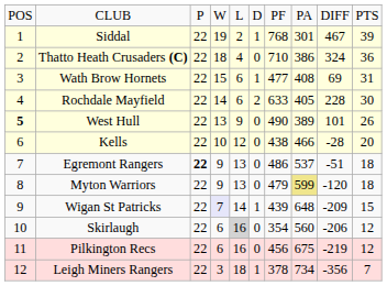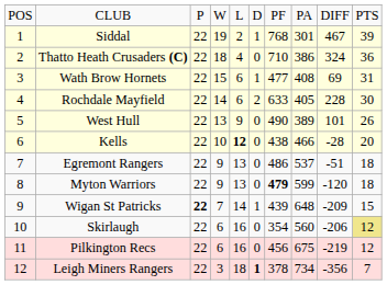 <table class="wikitable" style="text-align: center;">
 <tr>
 <td>POS</td>
 <td>CLUB</td>
 <td>P</td>
 <td>W</td>
 <td>L</td>
 <td>D</td>
 <td>PF</td>
 <td>PA</td>
 <td>DIFF</td>
 <td>PTS</td>
 </tr>
 <tr style="background:#ffffdd;">
 <td>1</td>
 <td>Siddal</td>
 <td>22</td>
 <td>19</td>
 <td>2</td>
 <td>1</td>
 <td>768</td>
 <td>301</td>
 <td>467</td>
 <td>39</td>
 </tr>
 <tr style="background:#ffffdd;">
 <td>2</td>
 <td>Thatto Heath Crusaders <strong>(C)</strong></td>
 <td>22</td>
 <td>18</td>
 <td>4</td>
 <td>0</td>
 <td>710</td>
 <td>386</td>
 <td>324</td>
 <td>36</td>
 </tr>
 <tr style="background:#ffffdd;">
 <td>3</td>
 <td>Wath Brow Hornets</td>
 <td>22</td>
 <td>15</td>
 <td>6</td>
 <td>1</td>
 <td>477</td>
 <td>408</td>
 <td>69</td>
 <td>31</td>
 </tr>
 <tr style="background:#ffffdd;">
 <td>4</td>
 <td>Rochdale Mayfield</td>
 <td>22</td>
 <td>14</td>
 <td>6</td>
 <td>2</td>
 <td>633</td>
 <td>405</td>
 <td>228</td>
 <td>30</td>
 </tr>
 <tr style="background:#ffffdd;">
-<td><strong>5</strong></td>
+<td>5</td>
 <td>West Hull</td>
 <td>22</td>
 <td>13</td>
 <td>9</td>
 <td>0</td>
 <td>490</td>
 <td>389</td>
 <td>101</td>
 <td>26</td>
 </tr>
 <tr style="background:#ffffdd;">
 <td>6</td>
 <td>Kells</td>
 <td>22</td>
 <td>10</td>
-<td>12</td>
+<td><strong>12</strong></td>
 <td>0</td>
 <td>438</td>
 <td>466</td>
 <td>-28</td>
 <td>20</td>
 </tr>
 <tr>
 <td>7</td>
 <td>Egremont Rangers</td>
-<td><strong>22</strong></td>
+<td>22</td>
 <td>9</td>
 <td>13</td>
 <td>0</td>
 <td>486</td>
 <td>537</td>
 <td>-51</td>
 <td>18</td>
 </tr>
 <tr>
 <td>8</td>
 <td>Myton Warriors</td>
 <td>22</td>
 <td>9</td>
 <td>13</td>
 <td>0</td>
-<td>479</td>
-<td style="background: khaki;">599</td>
+<td><strong>479</strong></td>
+<td>599</td>
 <td>-120</td>
 <td>18</td>
 </tr>
 <tr>
 <td>9</td>
 <td>Wigan St Patricks</td>
-<td>22</td>
-<td style="background: lavender;">7</td>
+<td><strong>22</strong></td>
+<td>7</td>
 <td>14</td>
 <td>1</td>
 <td>439</td>
 <td>648</td>
 <td>-209</td>
 <td>15</td>
 </tr>
 <tr>
 <td>10</td>
 <td>Skirlaugh</td>
 <td>22</td>
 <td>6</td>
-<td style="background: lightgrey;">16</td>
+<td>16</td>
 <td>0</td>
 <td>354</td>
 <td>560</td>
 <td>-206</td>
-<td>12</td>
+<td style="background: khaki;">12</td>
 </tr>
 <tr style="background:#ffdddd;">
 <td>11</td>
 <td>Pilkington Recs</td>
 <td>22</td>
 <td>6</td>
 <td>16</td>
 <td>0</td>
 <td>456</td>
 <td>675</td>
 <td>-219</td>
 <td>12</td>
 </tr>
 <tr style="background:#ffdddd;">
 <td>12</td>
 <td>Leigh Miners Rangers</td>
 <td>22</td>
 <td>3</td>
 <td>18</td>
-<td>1</td>
+<td><strong>1</strong></td>
 <td>378</td>
 <td>734</td>
 <td>-356</td>
 <td>7</td>
 </tr>
 </table>
